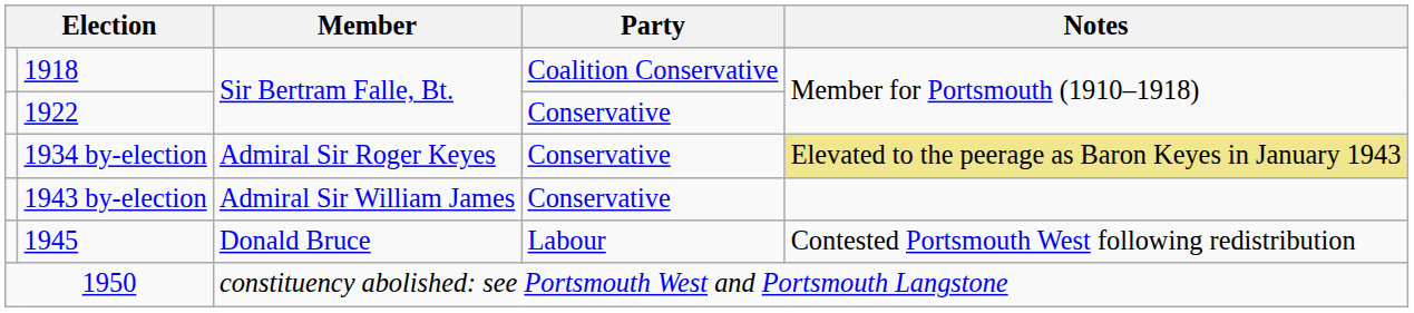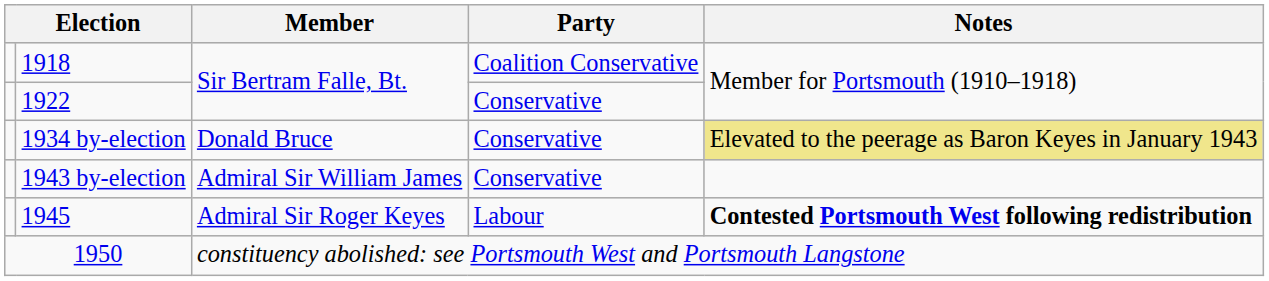 <table class="wikitable">
 <tr>
 <th colspan="2">Election</th>
 <th>Member</th>
 <th>Party</th>
 <th>Notes</th>
 </tr>
 <tr>
 <td style="color:inherit;background-color: "></td>
 <td><a href='#'>1918</a></td>
 <td rowspan="2"><a href='#'>Sir Bertram Falle, Bt.</a></td>
 <td><a href='#'>Coalition Conservative</a></td>
 <td rowspan="2">Member for <a href='#'>Portsmouth</a> (1910–1918)</td>
 </tr>
 <tr>
 <td style="color:inherit;background-color: "></td>
 <td><a href='#'>1922</a></td>
 <td><a href='#'>Conservative</a></td>
 </tr>
 <tr>
 <td style="color:inherit;background-color: "></td>
 <td><a href='#'>1934 by-election</a></td>
-<td><a href='#'>Admiral Sir Roger Keyes</a></td>
+<td><a href='#'>Donald Bruce</a></td>
 <td><a href='#'>Conservative</a></td>
 <td style="background: khaki;">Elevated to the peerage as Baron Keyes in January 1943</td>
 </tr>
 <tr>
 <td style="color:inherit;background-color: "></td>
 <td><a href='#'>1943 by-election</a></td>
 <td><a href='#'>Admiral Sir William James</a></td>
 <td><a href='#'>Conservative</a></td>
 <td></td>
 </tr>
 <tr>
 <td style="color:inherit;background-color: "></td>
 <td><a href='#'>1945</a></td>
-<td><a href='#'>Donald Bruce</a></td>
+<td><a href='#'>Admiral Sir Roger Keyes</a></td>
 <td><a href='#'>Labour</a></td>
-<td>Contested <a href='#'>Portsmouth West</a> following redistribution</td>
+<td><strong>Contested <a href='#'>Portsmouth West</a> following redistribution</strong></td>
 </tr>
 <tr>
 <td colspan="2" align="center"><a href='#'>1950</a></td>
 <td colspan="3"><em>constituency abolished: see <a href='#'>Portsmouth West</a> and <a href='#'>Portsmouth Langstone</a></em></td>
 </tr>
 </table>
